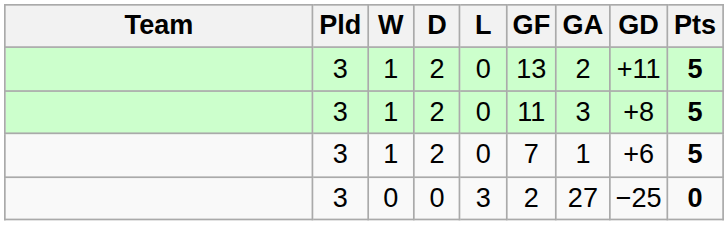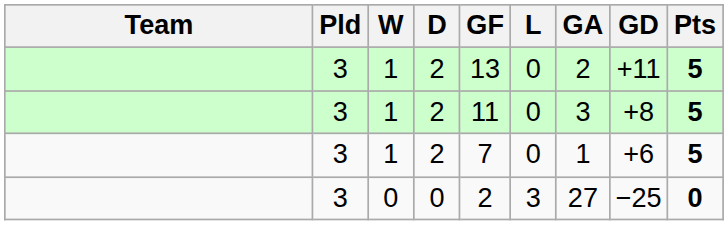 <table class="wikitable" style="text-align:center;">
 <tr>
 <th width=175>Team</th>
 <th width=20 abbr="Played">Pld</th>
 <th width=20 abbr="Won">W</th>
 <th width=20 abbr="Drawn">D</th>
+<th width=20 abbr="Goals for">GF</th>
 <th width=20 abbr="Lost">L</th>
-<th width=20 abbr="Goals for">GF</th>
 <th width=20 abbr="Goals against">GA</th>
 <th width=20 abbr="Goal difference">GD</th>
 <th width=20 abbr="Points">Pts</th>
 </tr>
 <tr style="background:#ccffcc;">
 <td align=left></td>
 <td>3</td>
 <td>1</td>
 <td>2</td>
+<td>13</td>
 <td>0</td>
-<td>13</td>
 <td>2</td>
 <td>+11</td>
 <td><strong>5</strong></td>
 </tr>
 <tr style="background:#ccffcc;">
 <td align=left></td>
 <td>3</td>
 <td>1</td>
 <td>2</td>
+<td>11</td>
 <td>0</td>
-<td>11</td>
 <td>3</td>
 <td>+8</td>
 <td><strong>5</strong></td>
 </tr>
 <tr>
 <td align=left></td>
 <td>3</td>
 <td>1</td>
 <td>2</td>
+<td>7</td>
 <td>0</td>
-<td>7</td>
 <td>1</td>
 <td>+6</td>
 <td><strong>5</strong></td>
 </tr>
 <tr>
 <td align=left></td>
 <td>3</td>
 <td>0</td>
 <td>0</td>
+<td>2</td>
 <td>3</td>
-<td>2</td>
 <td>27</td>
 <td>−25</td>
 <td><strong>0</strong></td>
 </tr>
 </table>
